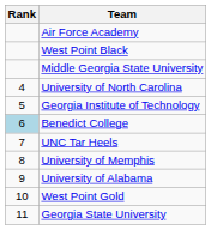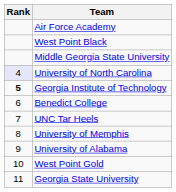 <table class="wikitable">
 <tr>
 <th>Rank</th>
 <th>Team</th>
 </tr>
 <tr>
 <td align=center></td>
 <td align="left"><a href='#'>Air Force Academy</a></td>
 </tr>
 <tr>
 <td align=center></td>
 <td align="left"><a href='#'>West Point Black</a></td>
 </tr>
 <tr>
 <td align=center></td>
 <td align="left"><a href='#'>Middle Georgia State University</a></td>
 </tr>
 <tr>
-<td align=center>4</td>
+<td align=center style="background: lavender;">4</td>
 <td align="left"><a href='#'>University of North Carolina</a></td>
 </tr>
 <tr>
-<td align=center>5</td>
+<td align=center><strong>5</strong></td>
 <td align="left"><a href='#'>Georgia Institute of Technology</a></td>
 </tr>
 <tr>
-<td align=center style="background: lightblue;">6</td>
+<td align=center>6</td>
 <td align="left"><a href='#'>Benedict College</a></td>
 </tr>
 <tr>
 <td align=center>7</td>
 <td align="left"><a href='#'>UNC Tar Heels</a></td>
 </tr>
 <tr>
 <td align=center>8</td>
 <td align="left"><a href='#'>University of Memphis</a></td>
 </tr>
 <tr>
 <td align=center>9</td>
 <td align="left"><a href='#'>University of Alabama</a></td>
 </tr>
 <tr>
 <td align=center>10</td>
 <td align="left"><a href='#'>West Point Gold</a></td>
 </tr>
 <tr>
 <td align=center>11</td>
 <td align="left"><a href='#'>Georgia State University</a></td>
 </tr>
 </table>
